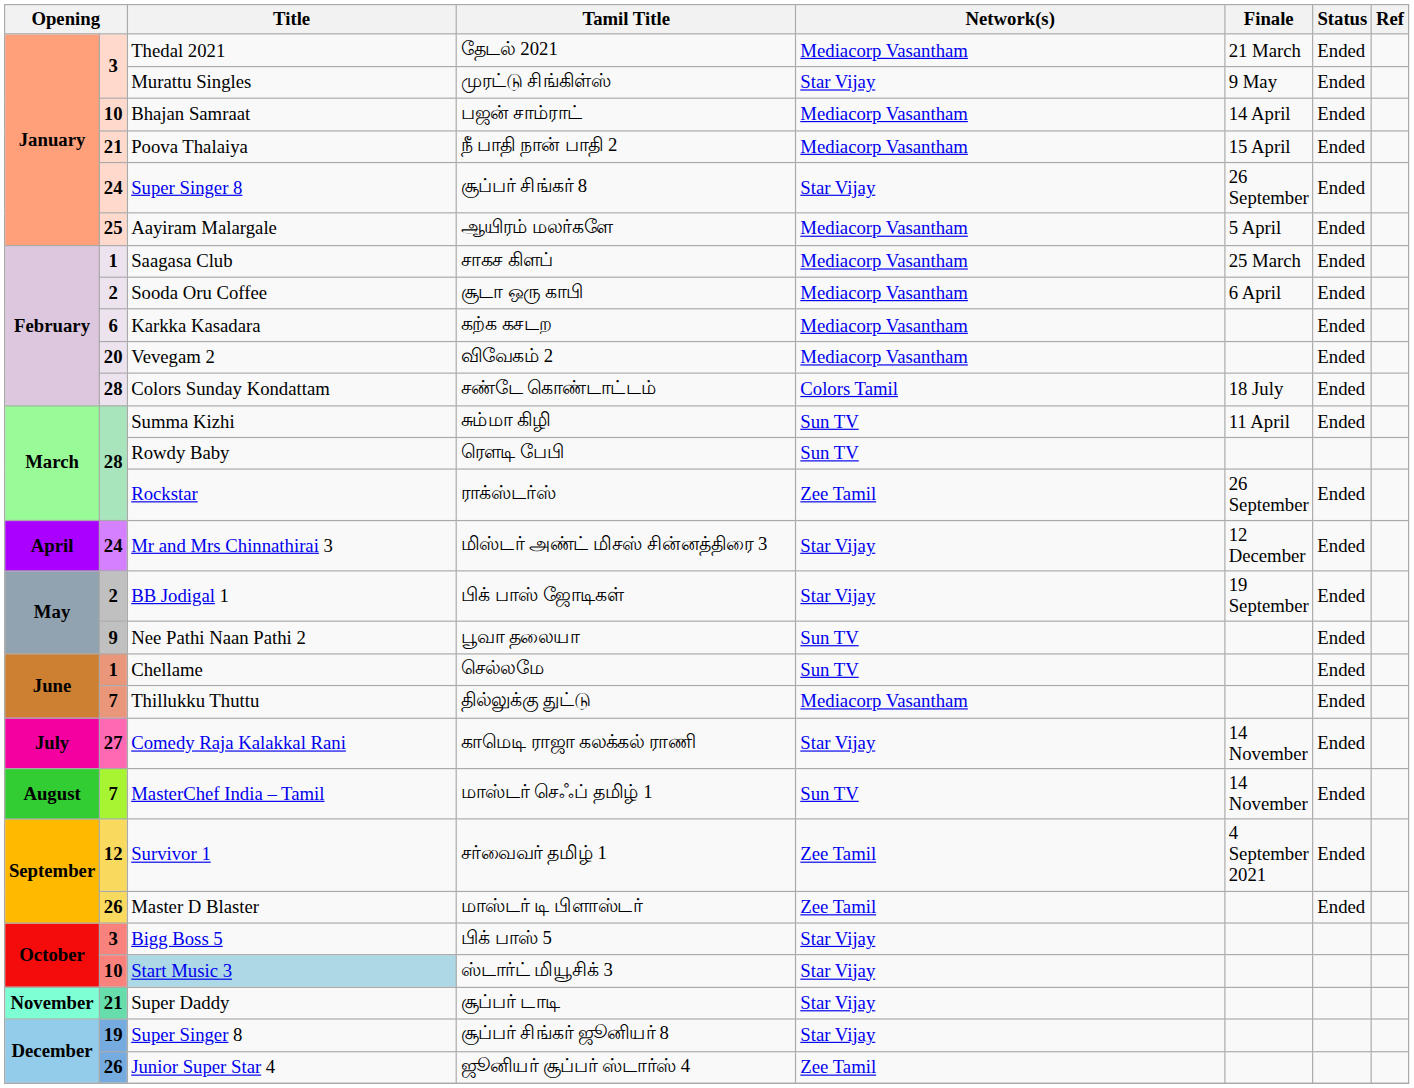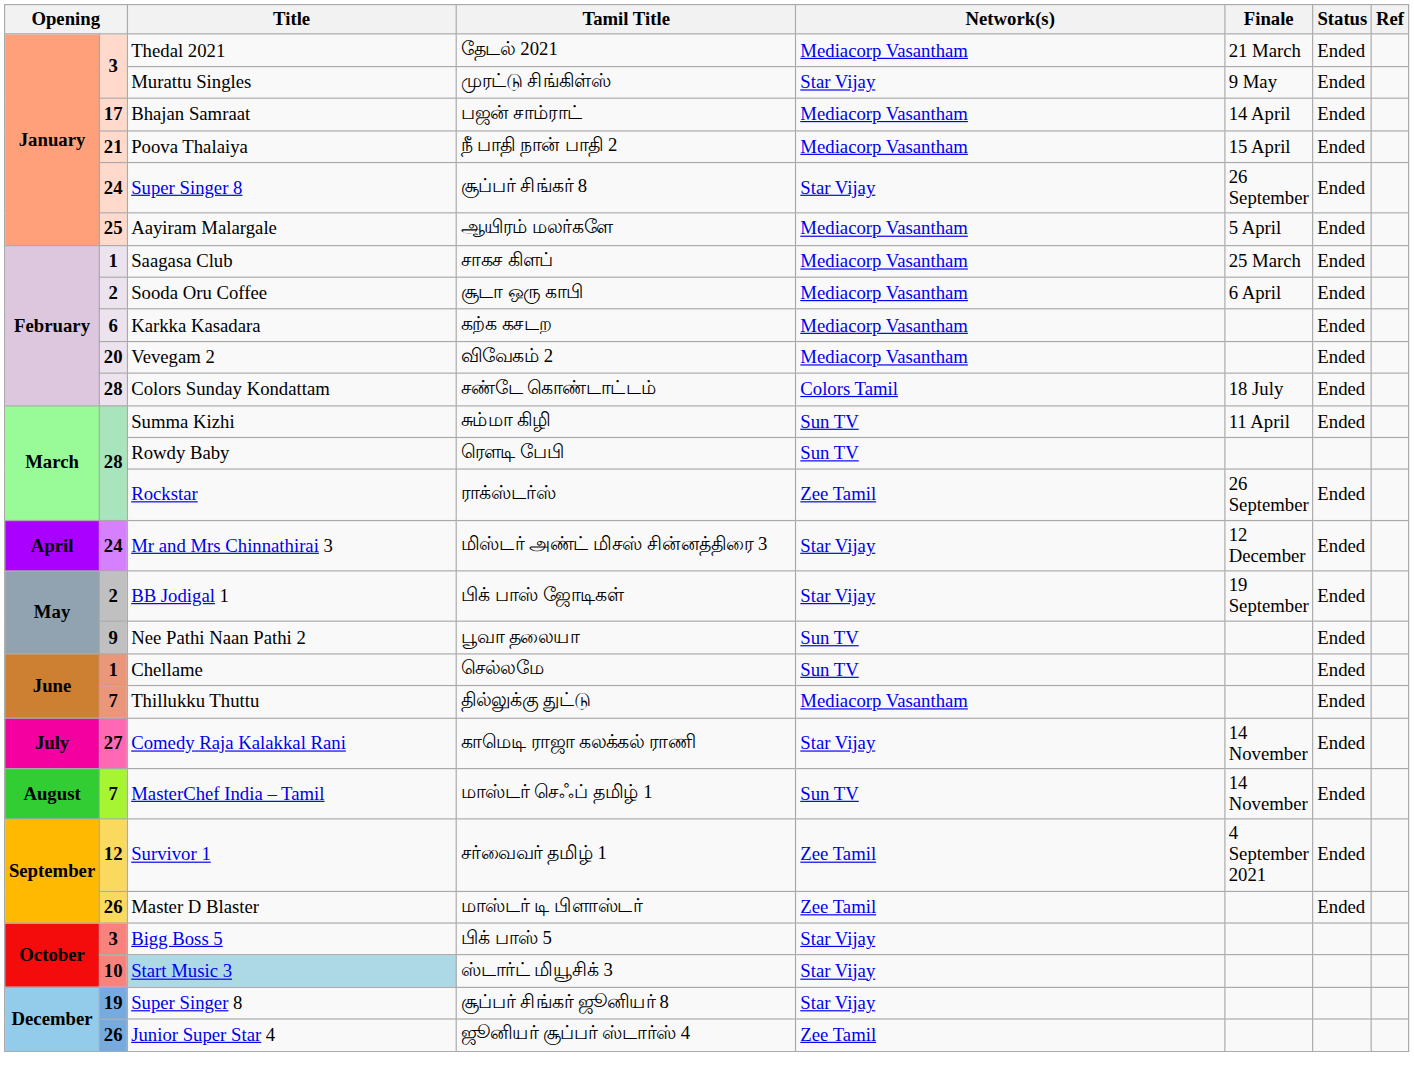 <table class="wikitable" width="95%">
 <tr>
 <th colspan="2">Opening</th>
 <th style="width:30%;">Title</th>
 <th style="width:30%;">Tamil Title</th>
 <th style="width:40%;">Network(s)</th>
 <th style="width:20%;">Finale</th>
 <th style="width:20%;">Status</th>
 <th>Ref</th>
 </tr>
 <tr>
 <td rowspan="6" style="text-align:center;background:#ffa07a;textcolor:#000;"><strong>January</strong></td>
 <td rowspan="2" style="text-align:center; background:#ffdacc;"><strong>3</strong></td>
 <td>Thedal 2021</td>
 <td>தேடல் 2021</td>
 <td><a href='#'>Mediacorp Vasantham</a></td>
 <td>21 March</td>
 <td>Ended</td>
 <td></td>
 </tr>
 <tr>
 <td>Murattu Singles</td>
 <td>முரட்டு சிங்கிள்ஸ்</td>
 <td><a href='#'>Star Vijay</a></td>
 <td>9 May</td>
 <td>Ended</td>
 <td></td>
 </tr>
 <tr>
-<td style="text-align:center; background:#ffdacc;"><strong>10</strong></td>
+<td style="text-align:center; background:#ffdacc;"><strong>17</strong></td>
 <td>Bhajan Samraat</td>
 <td>பஜன் சாம்ராட்</td>
 <td><a href='#'>Mediacorp Vasantham</a></td>
 <td>14 April</td>
 <td>Ended</td>
 <td></td>
 </tr>
 <tr>
 <td style="text-align:center; background:#ffdacc;"><strong>21</strong></td>
 <td>Poova Thalaiya</td>
 <td>நீ பாதி நான் பாதி 2</td>
 <td><a href='#'>Mediacorp Vasantham</a></td>
 <td>15 April</td>
 <td>Ended</td>
 <td></td>
 </tr>
 <tr>
 <td style="text-align:center; background:#ffdacc;"><strong>24</strong></td>
 <td><a href='#'>Super Singer 8</a></td>
 <td>சூப்பர் சிங்கர் 8</td>
 <td><a href='#'>Star Vijay</a></td>
 <td>26 September</td>
 <td>Ended</td>
 <td></td>
 </tr>
 <tr>
 <td style="text-align:center; background:#ffdacc;"><strong>25</strong></td>
 <td>Aayiram Malargale</td>
 <td>ஆயிரம் மலர்களே</td>
 <td><a href='#'>Mediacorp Vasantham</a></td>
 <td>5 April</td>
 <td>Ended</td>
 <td></td>
 </tr>
 <tr>
 <td rowspan="5" style="text-align:center; background:#dcc7df; textcolor:#000;"><strong>February</strong></td>
 <td style="text-align:center; background:#ede3ef;"><strong>1</strong></td>
 <td>Saagasa Club</td>
 <td>சாகச கிளப்</td>
 <td><a href='#'>Mediacorp Vasantham</a></td>
 <td>25 March</td>
 <td>Ended</td>
 <td></td>
 </tr>
 <tr>
 <td style="text-align:center; background:#ede3ef;"><strong>2</strong></td>
 <td>Sooda Oru Coffee</td>
 <td>சூடா ஒரு காபி</td>
 <td><a href='#'>Mediacorp Vasantham</a></td>
 <td>6 April</td>
 <td>Ended</td>
 <td></td>
 </tr>
 <tr>
 <td style="text-align:center; background:#ede3ef;"><strong>6</strong></td>
 <td>Karkka Kasadara</td>
 <td>கற்க கசடற</td>
 <td><a href='#'>Mediacorp Vasantham</a></td>
 <td></td>
 <td>Ended</td>
 <td></td>
 </tr>
 <tr>
 <td style="text-align:center; background:#ede3ef;"><strong>20</strong></td>
 <td>Vevegam 2</td>
 <td>விவேகம் 2</td>
 <td><a href='#'>Mediacorp Vasantham</a></td>
 <td></td>
 <td>Ended</td>
 <td></td>
 </tr>
 <tr>
 <td style="text-align:center; background:#ede3ef;"><strong>28</strong></td>
 <td>Colors Sunday Kondattam</td>
 <td>சண்டே கொண்டாட்டம்</td>
 <td><a href='#'>Colors Tamil</a></td>
 <td>18 July</td>
 <td>Ended</td>
 <td></td>
 </tr>
 <tr>
 <td rowspan="3" style="text-align:center; background:#98fb98; textcolor:#000;"><strong>March</strong></td>
 <td rowspan="3" style="text-align:center; background:#a8e4bc;"><strong>28</strong></td>
 <td>Summa Kizhi</td>
 <td>சும்மா கிழி</td>
 <td><a href='#'>Sun TV</a></td>
 <td>11 April</td>
 <td>Ended</td>
 <td></td>
 </tr>
 <tr>
 <td>Rowdy Baby</td>
 <td>ரௌடி பேபி</td>
 <td><a href='#'>Sun TV</a></td>
 <td></td>
 <td></td>
 <td></td>
 </tr>
 <tr>
 <td><a href='#'>Rockstar</a></td>
 <td>ராக்ஸ்டர்ஸ்</td>
 <td><a href='#'>Zee Tamil</a></td>
 <td>26 September</td>
 <td>Ended</td>
 <td></td>
 </tr>
 <tr>
 <td style="text-align:center; background:#a0f; textcolor:#d580ff;"><strong>April</strong></td>
 <td style="text-align:center; background:#d580ff"><strong>24</strong></td>
 <td><a href='#'>Mr and Mrs Chinnathirai</a> 3</td>
 <td>மிஸ்டர் அண்ட் மிசஸ் சின்னத்திரை 3</td>
 <td><a href='#'>Star Vijay</a></td>
 <td>12 December</td>
 <td>Ended</td>
 <td></td>
 </tr>
 <tr>
 <td rowspan="2" style="text-align:center; background:#91a3b0; textcolor:#000;"><strong>May</strong></td>
 <td style="text-align:center; background:silver"><strong>2</strong></td>
 <td><a href='#'>BB Jodigal</a> 1</td>
 <td>பிக் பாஸ் ஜோடிகள்</td>
 <td><a href='#'>Star Vijay</a></td>
 <td>19 September</td>
 <td>Ended</td>
 <td></td>
 </tr>
 <tr>
 <td style="text-align:center; background:silver"><strong>9</strong></td>
 <td>Nee Pathi Naan Pathi 2</td>
 <td>பூவா தலையா</td>
 <td><a href='#'>Sun TV</a></td>
 <td></td>
 <td>Ended</td>
 <td></td>
 </tr>
 <tr>
 <td rowspan="2" style="text-align:center; background:#CD7F32; textcolor:#000;"><strong>June</strong></td>
 <td style="text-align:center; background:#e9967a;"><strong>1</strong></td>
 <td>Chellame</td>
 <td>செல்லமே</td>
 <td><a href='#'>Sun TV</a></td>
 <td></td>
 <td>Ended</td>
 <td></td>
 </tr>
 <tr>
 <td style="text-align:center; background:#e9967a;"><strong>7</strong></td>
 <td>Thillukku Thuttu</td>
 <td>தில்லுக்கு துட்டு</td>
 <td><a href='#'>Mediacorp Vasantham</a></td>
 <td></td>
 <td>Ended</td>
 <td></td>
 </tr>
 <tr>
 <td style="text-align:center; background:#F400A1; textcolor:#000;"><strong>July</strong></td>
 <td style="text-align:center; background:hotPink;"><strong>27</strong></td>
 <td><a href='#'>Comedy Raja Kalakkal Rani</a></td>
 <td>காமெடி ராஜா கலக்கல் ராணி</td>
 <td><a href='#'>Star Vijay</a></td>
 <td>14 November</td>
 <td>Ended</td>
 <td></td>
 </tr>
 <tr>
 <td style="text-align:center; background:#32CD32; textcolor:#d580ff;"><strong>August</strong></td>
 <td style="text-align:center; background:#a7f432;"><strong>7</strong></td>
 <td><a href='#'>MasterChef India – Tamil</a></td>
 <td>மாஸ்டர் செஃப் தமிழ் 1</td>
 <td><a href='#'>Sun TV</a></td>
 <td>14 November</td>
 <td>Ended</td>
 <td></td>
 </tr>
 <tr>
 <td rowspan="2" style="text-align:center; background:#ffba00; textcolor:#d580ff;"><strong>September</strong></td>
 <td style="text-align:center; background:#FADA5E;"><strong>12</strong></td>
 <td><a href='#'>Survivor 1</a></td>
 <td>சர்வைவர் தமிழ் 1</td>
 <td><a href='#'>Zee Tamil</a></td>
 <td>4 September 2021</td>
 <td>Ended</td>
 <td></td>
 </tr>
 <tr>
 <td style="text-align:center; background:#FADA5E;"><strong>26</strong></td>
 <td>Master D Blaster</td>
 <td>மாஸ்டர் டி பிளாஸ்டர்</td>
 <td><a href='#'>Zee Tamil</a></td>
 <td></td>
 <td>Ended</td>
 <td></td>
 </tr>
 <tr>
 <td rowspan="2" style="text-align:center; background:#f40b0b; textcolor:#000;"><strong>October</strong></td>
 <td style="text-align:center;background:#f9827c;"><strong>3</strong></td>
 <td><a href='#'>Bigg Boss 5</a></td>
 <td>பிக் பாஸ் 5</td>
 <td><a href='#'>Star Vijay</a></td>
 <td></td>
 <td></td>
 <td></td>
 </tr>
 <tr>
 <td style="text-align:center;background:#f9827c;"><strong>10</strong></td>
 <td style="background: lightblue;"><a href='#'>Start Music 3</a></td>
 <td>ஸ்டார்ட் மியூசிக் 3</td>
 <td><a href='#'>Star Vijay</a></td>
 <td></td>
 <td></td>
 <td></td>
 </tr>
 <tr>
-<td style="text-align:center; background:#7FFFD4; textcolor:#000;"><strong>November</strong></td>
-<td style="text-align:center; background:#6da;"><strong>21</strong></td>
-<td>Super Daddy</td>
-<td>சூப்பர் டாடி</td>
-<td><a href='#'>Star Vijay</a></td>
-<td></td>
-<td></td>
-<td></td>
-</tr>
-<tr>
 <td rowspan="2" style="text-align:center; background:#93CCEA; textcolor:#000;"><strong>December</strong></td>
 <td style="text-align:center; background:#76ABDF;"><strong>19</strong></td>
 <td><a href='#'>Super Singer</a> 8</td>
 <td>சூப்பர் சிங்கர் ஜூனியர் 8</td>
 <td><a href='#'>Star Vijay</a></td>
 <td></td>
 <td></td>
 <td></td>
 </tr>
 <tr>
 <td style="text-align:center; background:#76ABDF;"><strong>26</strong></td>
 <td><a href='#'>Junior Super Star</a> 4</td>
 <td>ஜூனியர் சூப்பர் ஸ்டார்ஸ் 4</td>
 <td><a href='#'>Zee Tamil</a></td>
 <td></td>
 <td></td>
 <td></td>
 </tr>
 <tr>
 </tr>
 </table>
